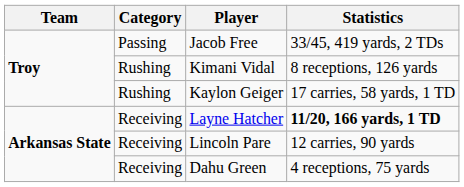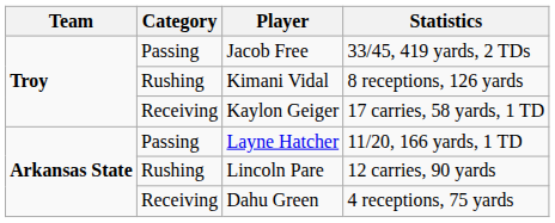 <table class="wikitable" style="float: left;">
 <tr>
 <th>Team</th>
 <th>Category</th>
 <th>Player</th>
 <th>Statistics</th>
 </tr>
 <tr>
 <td rowspan=3><strong>Troy</strong></td>
 <td>Passing</td>
 <td>Jacob Free</td>
 <td>33/45, 419 yards, 2 TDs</td>
 </tr>
 <tr>
 <td>Rushing</td>
 <td>Kimani Vidal</td>
 <td>8 receptions, 126 yards</td>
 </tr>
 <tr>
-<td>Rushing</td>
+<td>Receiving</td>
 <td>Kaylon Geiger</td>
 <td>17 carries, 58 yards, 1 TD</td>
 </tr>
 <tr>
 <td rowspan=3><strong>Arkansas State</strong></td>
-<td>Receiving</td>
+<td>Passing</td>
 <td><a href='#'>Layne Hatcher</a></td>
-<td><strong>11/20, 166 yards, 1 TD</strong></td>
+<td>11/20, 166 yards, 1 TD</td>
 </tr>
 <tr>
-<td>Receiving</td>
+<td>Rushing</td>
 <td>Lincoln Pare</td>
 <td>12 carries, 90 yards</td>
 </tr>
 <tr>
 <td>Receiving</td>
 <td>Dahu Green</td>
 <td>4 receptions, 75 yards</td>
 </tr>
 </table>
